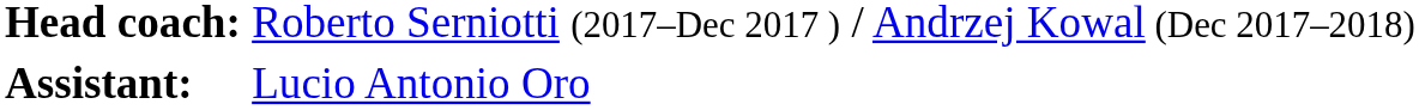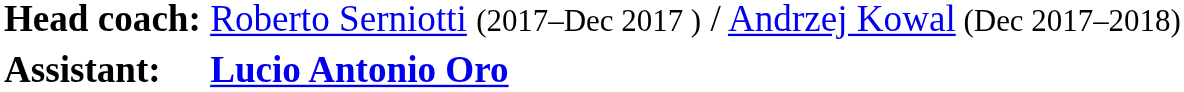 <table>
 <tr>
 <td><strong>Head coach:</strong></td>
 <td><a href='#'>Roberto Serniotti</a> <small>(2017–Dec 2017 )</small> / <a href='#'>Andrzej Kowal</a><small> (Dec 2017–2018)</small></td>
 </tr>
 <tr>
 <td><strong>Assistant:</strong></td>
-<td><a href='#'>Lucio Antonio Oro</a></td>
+<td><strong><a href='#'>Lucio Antonio Oro</a></strong></td>
 </tr>
 <tr>
 </tr>
 </table>
